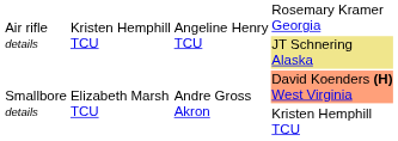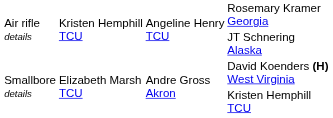 <table>
 <tr>
 <td rowspan=2>Air rifle<br><small><em>details</em></small></td>
 <td rowspan=2>Kristen Hemphill<br><a href='#'>TCU</a></td>
 <td rowspan=2>Angeline Henry<br> <a href='#'>TCU</a></td>
 <td>Rosemary Kramer<br> <a href='#'>Georgia</a></td>
 </tr>
 <tr>
-<td style="background: khaki;">JT Schnering<br> <a href='#'>Alaska</a></td>
+<td>JT Schnering<br> <a href='#'>Alaska</a></td>
 </tr>
 <tr>
 <td rowspan=2>Smallbore<br><small><em>details</em></small></td>
 <td rowspan=2>Elizabeth Marsh<br> <a href='#'>TCU</a></td>
 <td rowspan=2>Andre Gross<br> <a href='#'>Akron</a></td>
-<td style="background: lightsalmon;">David Koenders <strong>(H)</strong><br> <a href='#'>West Virginia</a></td>
+<td>David Koenders <strong>(H)</strong><br> <a href='#'>West Virginia</a></td>
 </tr>
 <tr>
 <td>Kristen Hemphill<br> <a href='#'>TCU</a></td>
 </tr>
 </table>
